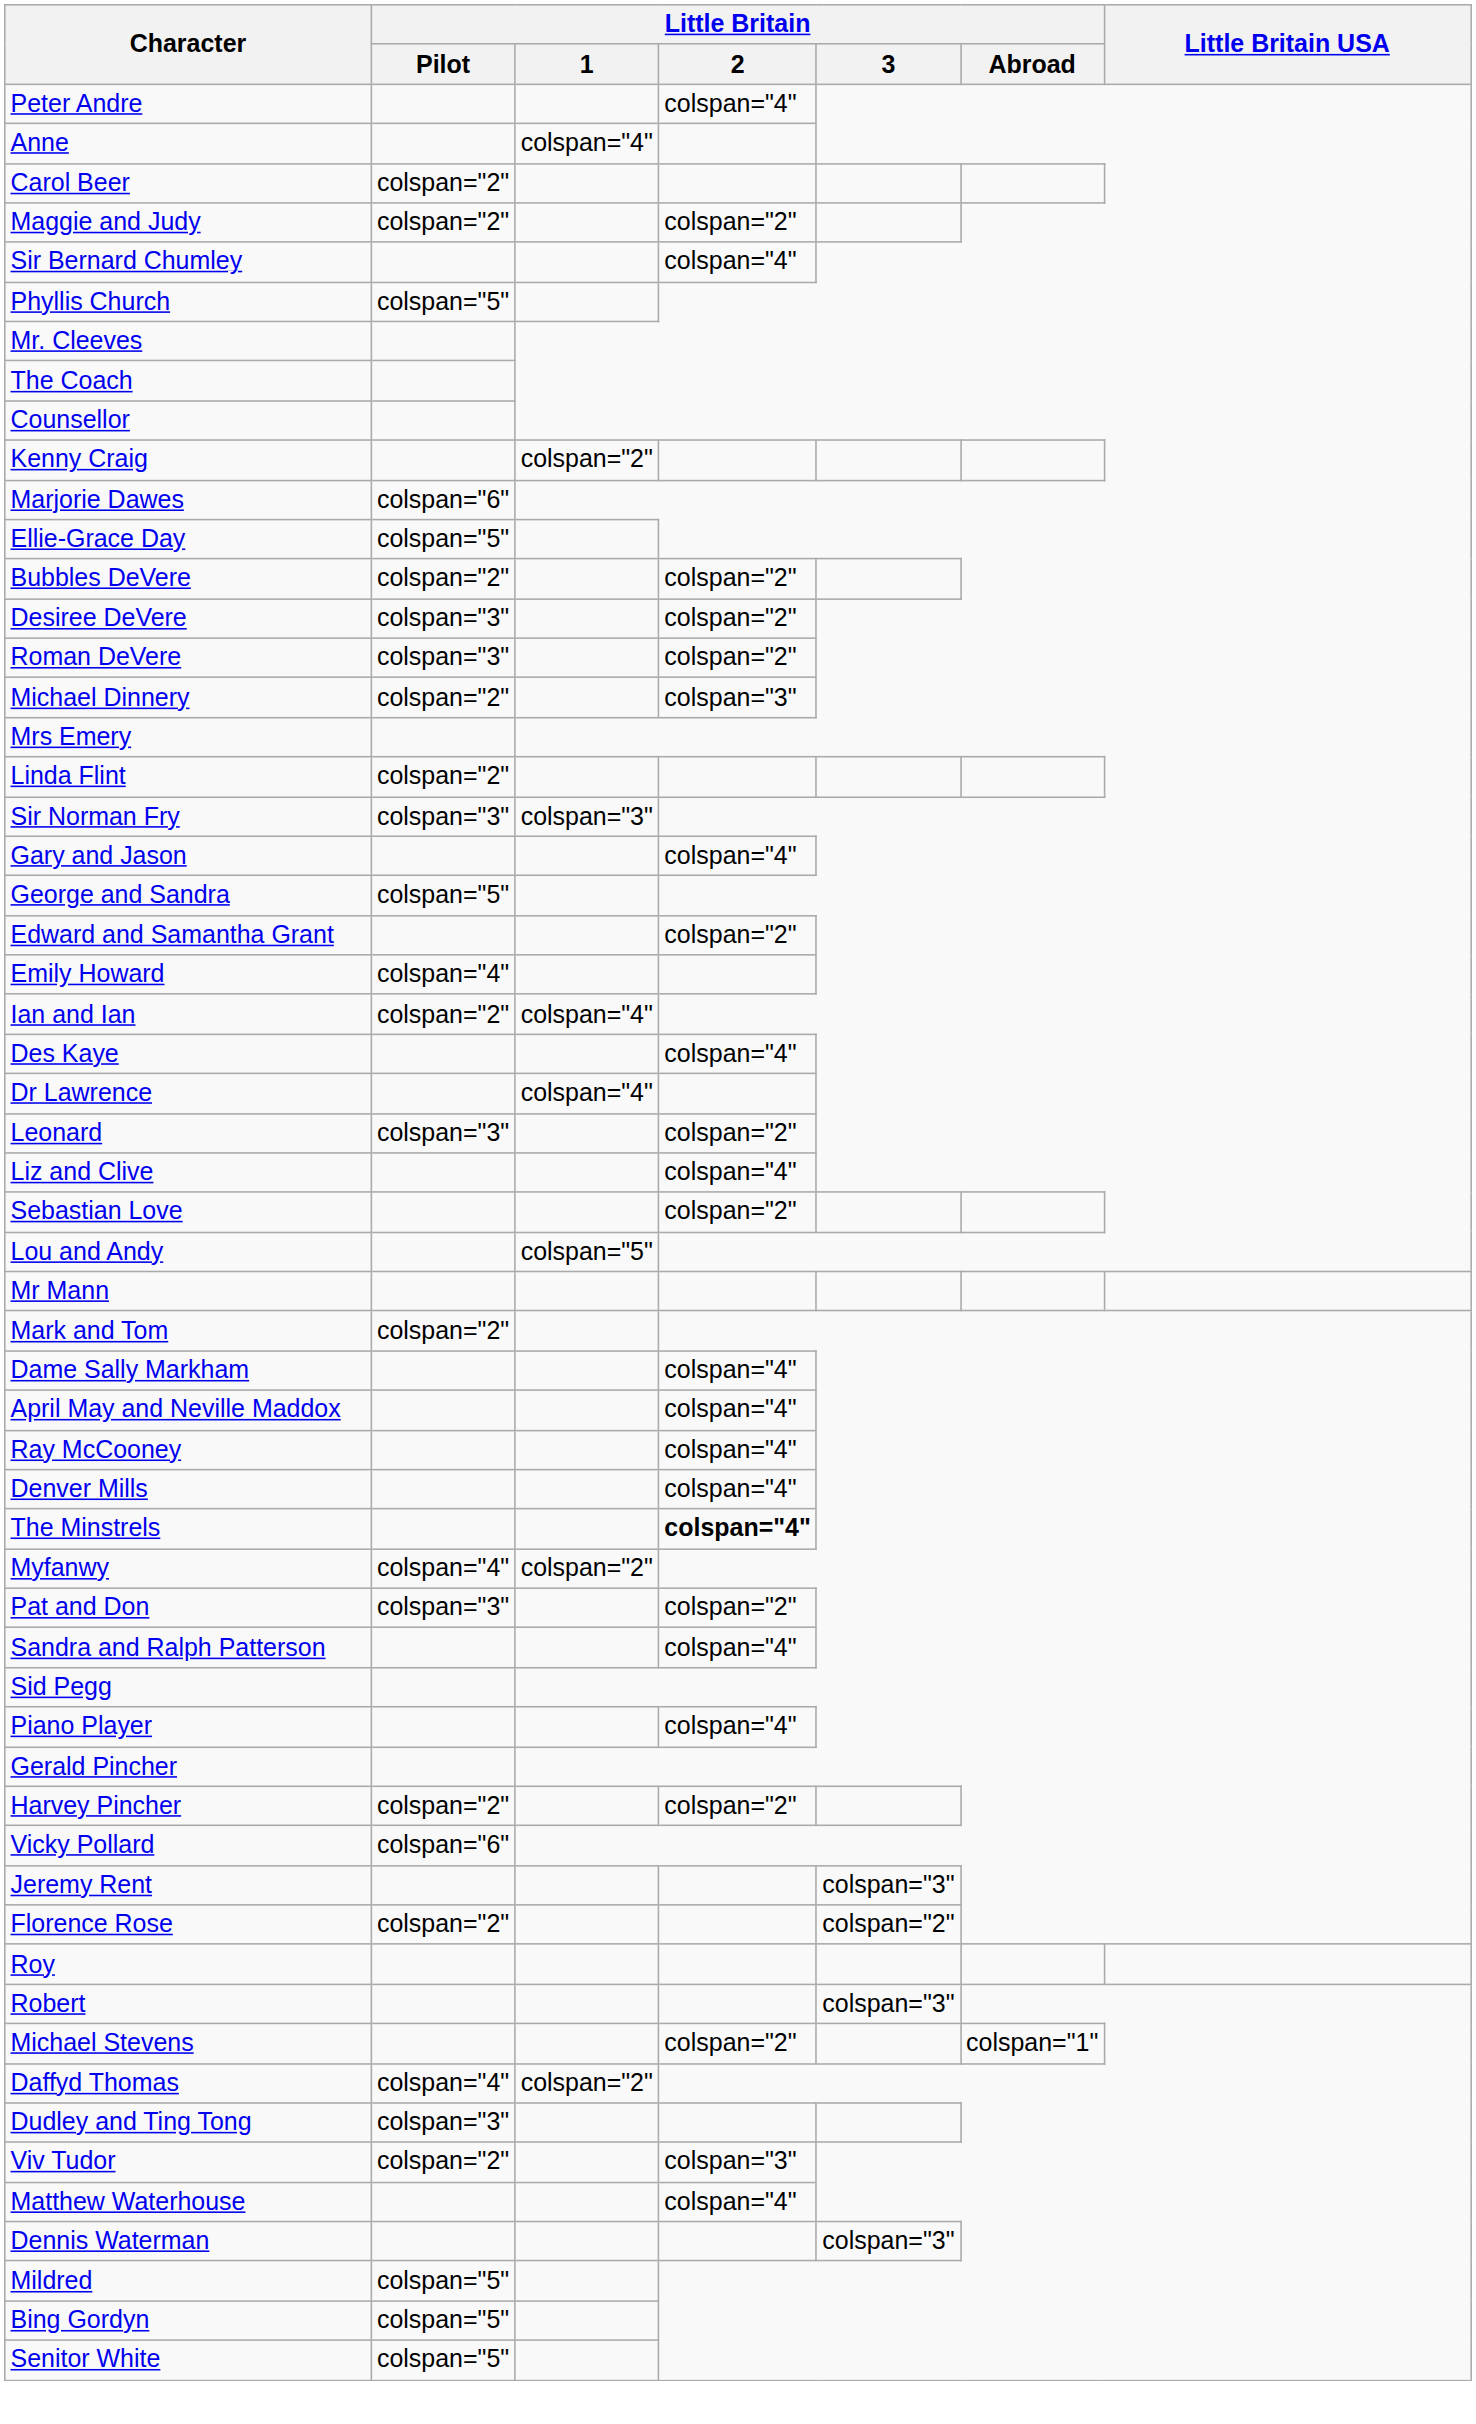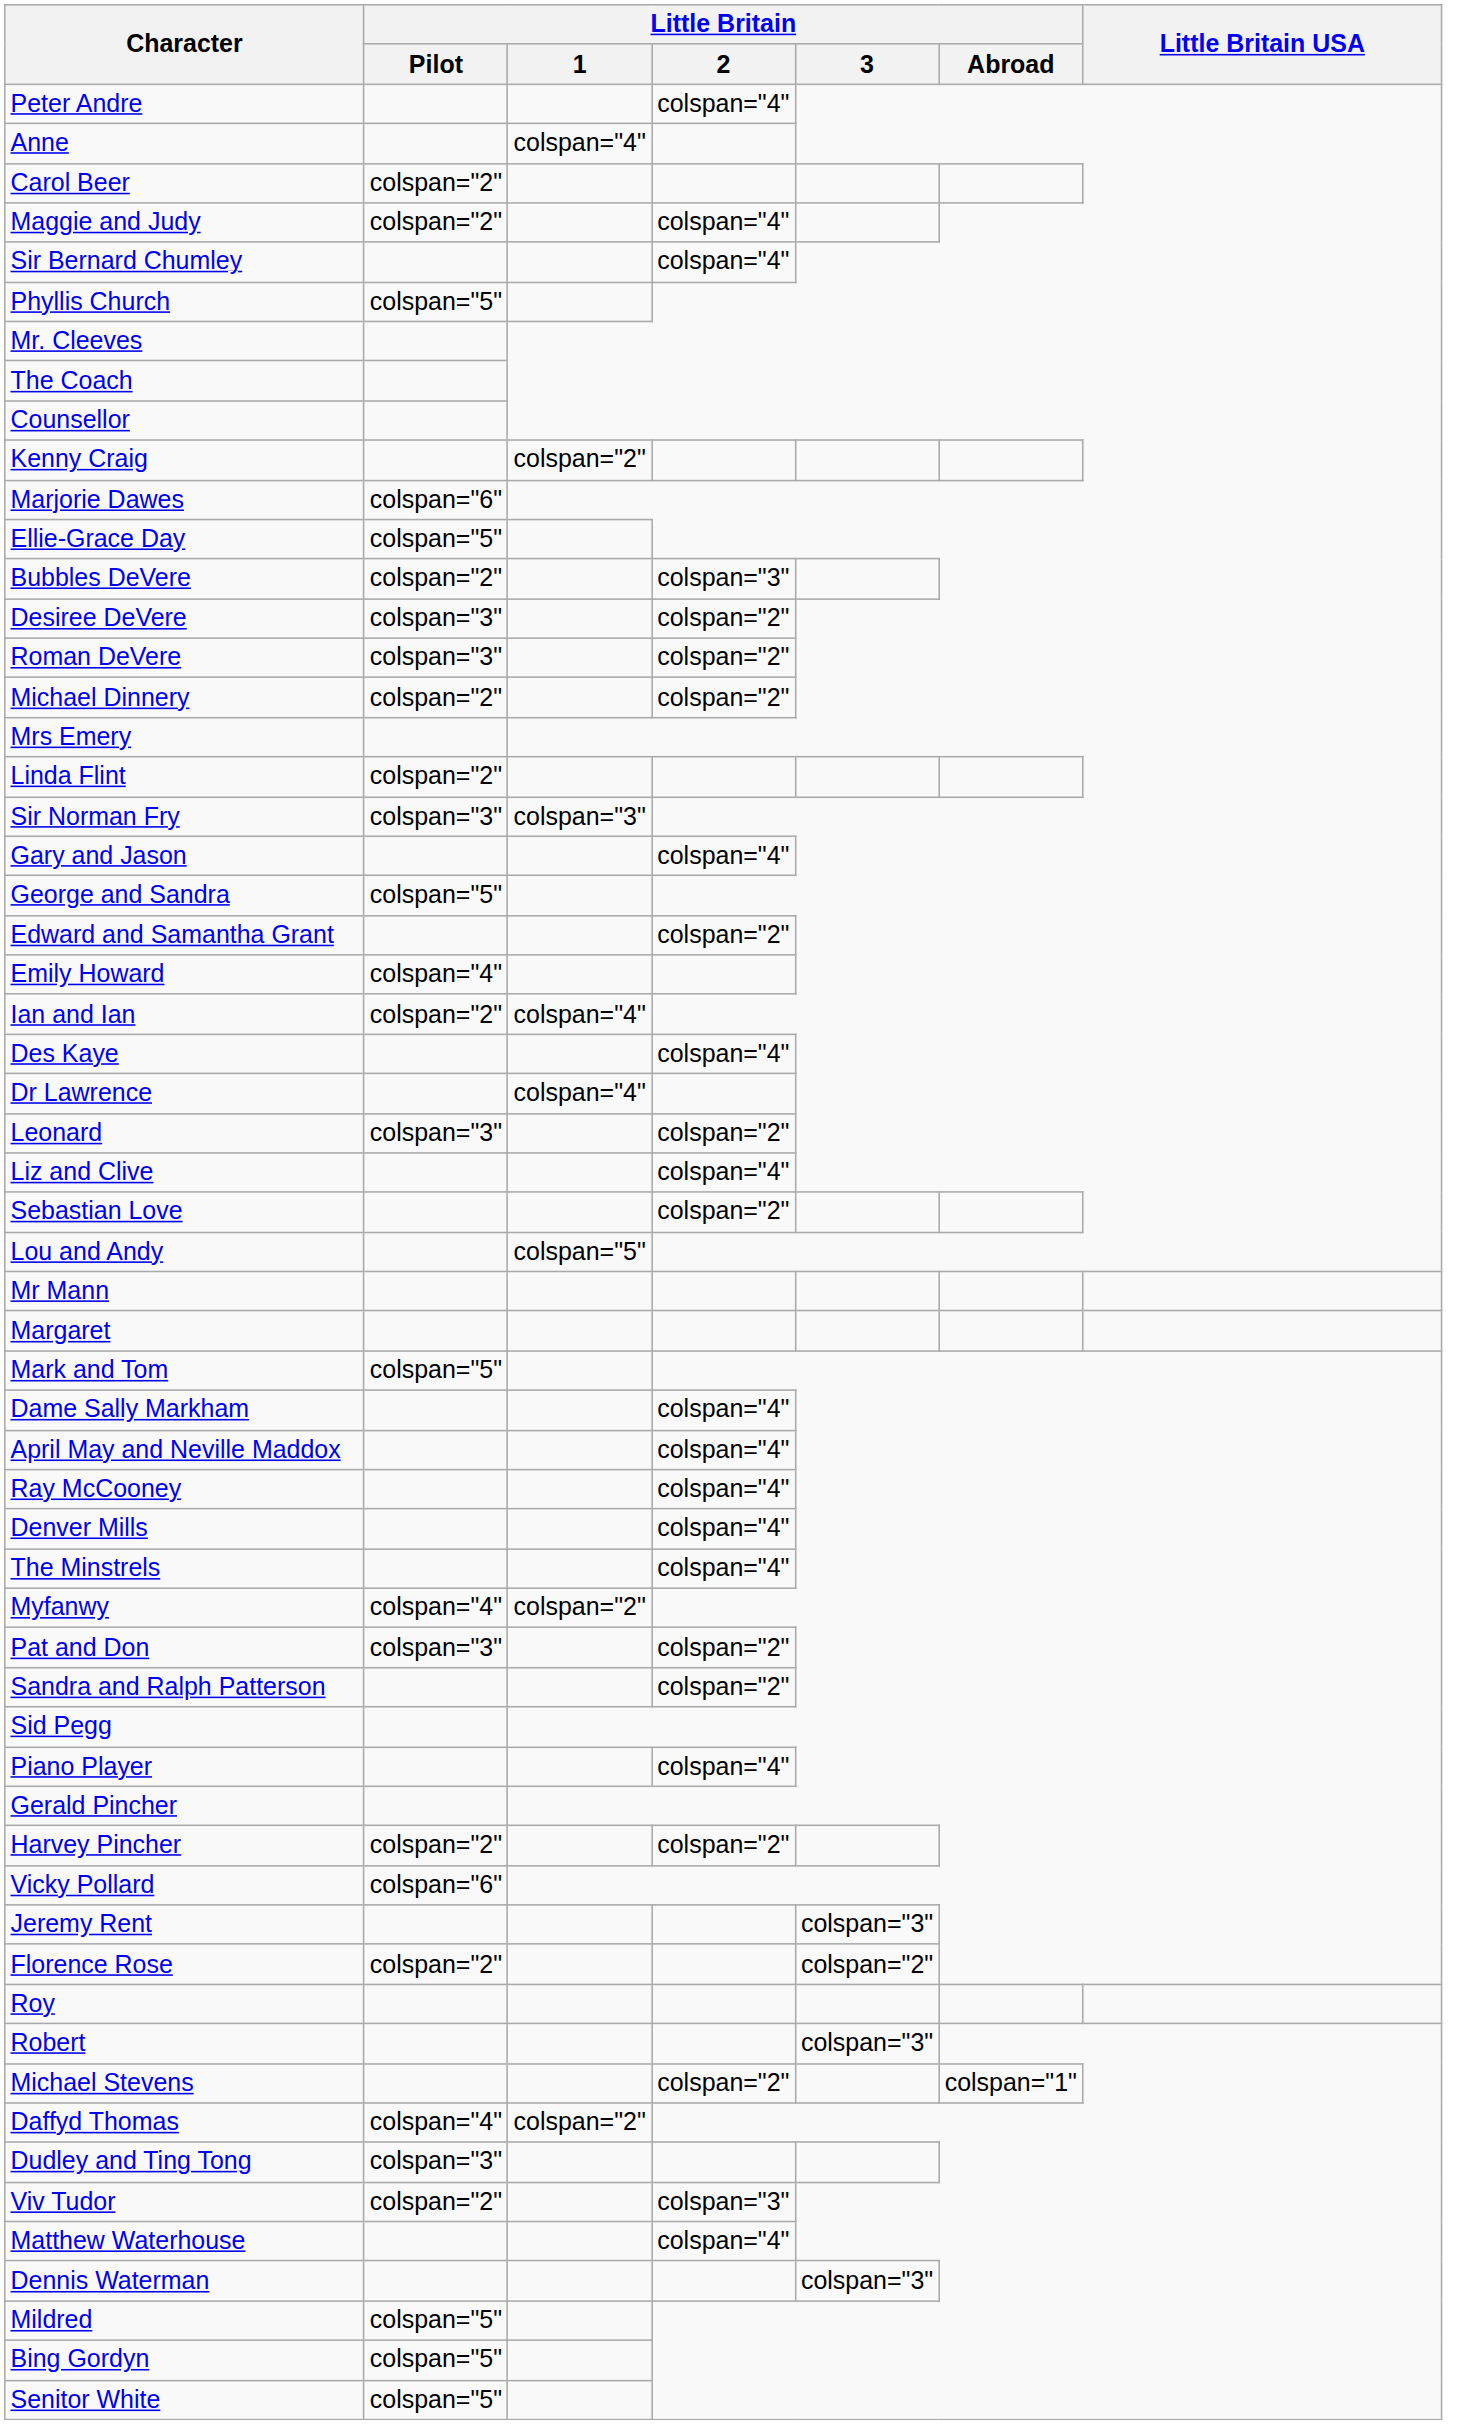 <table class="wikitable">
 <tr>
 <th style="width:25%;" rowspan="2">Character</th>
 <th style="width:50%;" colspan="5"><a href='#'>Little Britain</a></th>
 <th style="width:30%;" rowspan="2"><a href='#'>Little Britain USA</a></th>
 </tr>
 <tr>
 <th>Pilot</th>
 <th>1</th>
 <th>2</th>
 <th>3</th>
 <th>Abroad</th>
 </tr>
 <tr>
 <td><a href='#'>Peter Andre</a></td>
 <td></td>
 <td></td>
 <td>colspan="4"</td>
 </tr>
 <tr>
 <td><a href='#'>Anne</a></td>
 <td></td>
 <td>colspan="4"</td>
 <td> </td>
 </tr>
 <tr>
 <td><a href='#'>Carol Beer</a></td>
 <td>colspan="2"</td>
 <td></td>
 <td></td>
 <td></td>
 <td></td>
 </tr>
 <tr>
 <td><a href='#'>Maggie and Judy</a></td>
 <td>colspan="2"</td>
 <td></td>
-<td>colspan="2"</td>
+<td>colspan="4"</td>
 <td></td>
 </tr>
 <tr>
 <td><a href='#'>Sir Bernard Chumley</a></td>
 <td></td>
 <td></td>
 <td>colspan="4"</td>
 </tr>
 <tr>
 <td><a href='#'>Phyllis Church</a></td>
 <td>colspan="5"</td>
 <td></td>
 </tr>
 <tr>
 <td><a href='#'>Mr. Cleeves</a></td>
 <td></td>
 </tr>
 <tr>
 <td><a href='#'>The Coach</a></td>
 <td></td>
 </tr>
 <tr>
 <td><a href='#'>Counsellor</a></td>
 <td></td>
 </tr>
 <tr>
 <td><a href='#'>Kenny Craig</a></td>
 <td></td>
 <td>colspan="2"</td>
 <td></td>
 <td></td>
 <td></td>
 </tr>
 <tr>
 <td><a href='#'>Marjorie Dawes</a></td>
 <td>colspan="6"</td>
 </tr>
 <tr>
 <td><a href='#'>Ellie-Grace Day</a></td>
 <td>colspan="5"</td>
 <td></td>
 </tr>
 <tr>
 <td><a href='#'>Bubbles DeVere</a></td>
 <td>colspan="2"</td>
 <td></td>
-<td>colspan="2"</td>
+<td>colspan="3"</td>
 <td></td>
 </tr>
 <tr>
 <td><a href='#'>Desiree DeVere</a></td>
 <td>colspan="3"</td>
 <td></td>
 <td>colspan="2"</td>
 </tr>
 <tr>
 <td><a href='#'>Roman DeVere</a></td>
 <td>colspan="3"</td>
 <td></td>
 <td>colspan="2"</td>
 </tr>
 <tr>
 <td><a href='#'>Michael Dinnery</a></td>
 <td>colspan="2"</td>
 <td></td>
-<td>colspan="3"</td>
+<td>colspan="2"</td>
 </tr>
 <tr>
 <td><a href='#'>Mrs Emery</a></td>
 <td></td>
 </tr>
 <tr>
 <td><a href='#'>Linda Flint</a></td>
 <td>colspan="2"</td>
 <td></td>
 <td></td>
 <td></td>
 <td></td>
 </tr>
 <tr>
 <td><a href='#'>Sir Norman Fry</a></td>
 <td>colspan="3"</td>
 <td>colspan="3"</td>
 </tr>
 <tr>
 <td><a href='#'>Gary and Jason</a></td>
 <td></td>
 <td></td>
 <td>colspan="4"</td>
 </tr>
 <tr>
 <td><a href='#'>George and Sandra</a></td>
 <td>colspan="5"</td>
 <td></td>
 </tr>
 <tr>
 <td><a href='#'>Edward and Samantha Grant</a></td>
 <td></td>
 <td></td>
 <td>colspan="2"</td>
 </tr>
 <tr>
 <td><a href='#'>Emily Howard</a></td>
 <td>colspan="4"</td>
 <td></td>
 <td></td>
 </tr>
 <tr>
 <td><a href='#'>Ian and Ian</a></td>
 <td>colspan="2"</td>
 <td>colspan="4"</td>
 </tr>
 <tr>
 <td><a href='#'>Des Kaye</a></td>
 <td></td>
 <td></td>
 <td>colspan="4"</td>
 </tr>
 <tr>
 <td><a href='#'>Dr Lawrence</a></td>
 <td></td>
 <td>colspan="4"</td>
 <td> </td>
 </tr>
 <tr>
 <td><a href='#'>Leonard</a></td>
 <td>colspan="3"</td>
 <td></td>
 <td>colspan="2"</td>
 </tr>
 <tr>
 <td><a href='#'>Liz and Clive</a></td>
 <td></td>
 <td></td>
 <td>colspan="4"</td>
 </tr>
 <tr>
 <td><a href='#'>Sebastian Love</a></td>
 <td></td>
 <td></td>
 <td>colspan="2"</td>
 <td></td>
 <td></td>
 </tr>
 <tr>
 <td><a href='#'>Lou and Andy</a></td>
 <td></td>
 <td>colspan="5"</td>
 </tr>
 <tr>
 <td><a href='#'>Mr Mann</a></td>
 <td></td>
 <td></td>
 <td></td>
 <td></td>
 <td></td>
 <td></td>
 </tr>
 <tr>
+<td><a href='#'>Margaret</a></td>
+<td></td>
+<td></td>
+<td></td>
+<td></td>
+<td></td>
+<td></td>
+</tr>
+<tr>
 <td><a href='#'>Mark and Tom</a></td>
-<td>colspan="2"</td>
+<td>colspan="5"</td>
 <td></td>
 </tr>
 <tr>
 <td><a href='#'>Dame Sally Markham</a></td>
 <td></td>
 <td></td>
 <td>colspan="4"</td>
 </tr>
 <tr>
 <td><a href='#'>April May and Neville Maddox</a></td>
 <td></td>
 <td></td>
 <td>colspan="4"</td>
 </tr>
 <tr>
 <td><a href='#'>Ray McCooney</a></td>
 <td></td>
 <td></td>
 <td>colspan="4"</td>
 </tr>
 <tr>
 <td><a href='#'>Denver Mills</a></td>
 <td></td>
 <td></td>
 <td>colspan="4"</td>
 </tr>
 <tr>
 <td><a href='#'>The Minstrels</a></td>
 <td></td>
 <td></td>
-<td><strong>colspan="4"</strong></td>
+<td>colspan="4"</td>
 </tr>
 <tr>
 <td><a href='#'>Myfanwy</a></td>
 <td>colspan="4"</td>
 <td>colspan="2"</td>
 </tr>
 <tr>
 <td><a href='#'>Pat and Don</a></td>
 <td>colspan="3"</td>
 <td></td>
 <td>colspan="2"</td>
 </tr>
 <tr>
 <td><a href='#'>Sandra and Ralph Patterson</a></td>
 <td></td>
 <td></td>
-<td>colspan="4"</td>
+<td>colspan="2"</td>
 </tr>
 <tr>
 <td><a href='#'>Sid Pegg</a></td>
 <td></td>
 </tr>
 <tr>
 <td><a href='#'>Piano Player</a></td>
 <td></td>
 <td></td>
 <td>colspan="4"</td>
 </tr>
 <tr>
 <td><a href='#'>Gerald Pincher</a></td>
 <td></td>
 </tr>
 <tr>
 <td><a href='#'>Harvey Pincher</a></td>
 <td>colspan="2"</td>
 <td></td>
 <td>colspan="2"</td>
 <td></td>
 </tr>
 <tr>
 <td><a href='#'>Vicky Pollard</a></td>
 <td>colspan="6"</td>
 </tr>
 <tr>
 <td><a href='#'>Jeremy Rent</a></td>
 <td></td>
 <td></td>
 <td></td>
 <td>colspan="3"</td>
 </tr>
 <tr>
 <td><a href='#'>Florence Rose</a></td>
 <td>colspan="2"</td>
 <td></td>
 <td></td>
 <td>colspan="2"</td>
 </tr>
 <tr>
 <td><a href='#'>Roy</a></td>
 <td></td>
 <td></td>
 <td></td>
 <td></td>
 <td></td>
 <td></td>
 </tr>
 <tr>
 <td><a href='#'>Robert</a></td>
 <td></td>
 <td></td>
 <td></td>
 <td>colspan="3"</td>
 </tr>
 <tr>
 <td><a href='#'>Michael Stevens</a></td>
 <td></td>
 <td></td>
 <td>colspan="2"</td>
 <td></td>
 <td>colspan="1"</td>
 </tr>
 <tr>
 <td><a href='#'>Daffyd Thomas</a></td>
 <td>colspan="4"</td>
 <td>colspan="2"</td>
 </tr>
 <tr>
 <td><a href='#'>Dudley and Ting Tong</a></td>
 <td>colspan="3"</td>
 <td></td>
 <td></td>
 <td></td>
 </tr>
 <tr>
 <td><a href='#'>Viv Tudor</a></td>
 <td>colspan="2"</td>
 <td></td>
 <td>colspan="3"</td>
 </tr>
 <tr>
 <td><a href='#'>Matthew Waterhouse</a></td>
 <td></td>
 <td></td>
 <td>colspan="4"</td>
 </tr>
 <tr>
 <td><a href='#'>Dennis Waterman</a></td>
 <td></td>
 <td></td>
 <td></td>
 <td>colspan="3"</td>
 </tr>
 <tr>
 <td><a href='#'>Mildred</a></td>
 <td>colspan="5"</td>
 <td></td>
 </tr>
 <tr>
 <td><a href='#'>Bing Gordyn</a></td>
 <td>colspan="5"</td>
 <td></td>
 </tr>
 <tr>
 <td><a href='#'>Senitor White</a></td>
 <td>colspan="5"</td>
 <td></td>
 </tr>
 <tr Senitor White>
 </tr>
 </table>
